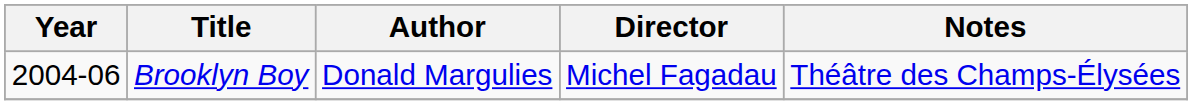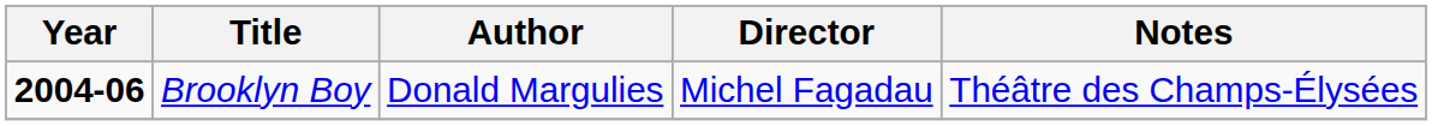 <table class="wikitable">
 <tr>
 <th>Year</th>
 <th>Title</th>
 <th>Author</th>
 <th>Director</th>
 <th>Notes</th>
 </tr>
 <tr>
-<td>2004-06</td>
+<td><strong>2004-06</strong></td>
 <td><em><a href='#'>Brooklyn Boy</a></em></td>
 <td><a href='#'>Donald Margulies</a></td>
 <td><a href='#'>Michel Fagadau</a></td>
 <td><a href='#'>Théâtre des Champs-Élysées</a></td>
 </tr>
 <tr>
 </tr>
 </table>
